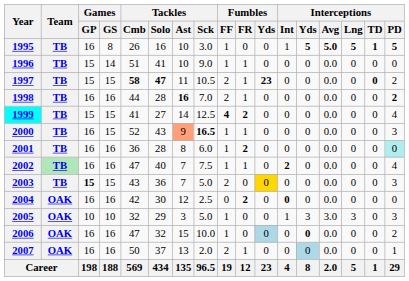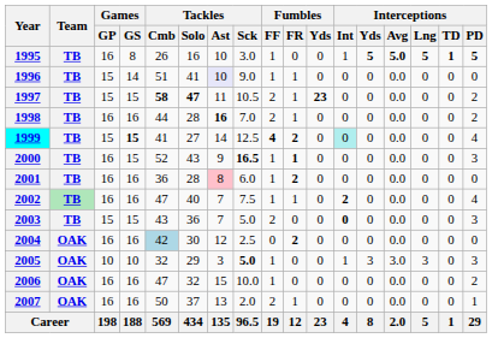 <table class="wikitable" style="text-align: center;">
 <tr>
 <th rowspan="2">Year</th>
 <th rowspan="2">Team</th>
 <th colspan="2">Games</th>
 <th colspan="4">Tackles</th>
 <th colspan="3">Fumbles</th>
 <th colspan="6">Interceptions</th>
 </tr>
 <tr>
 <th>GP</th>
 <th>GS</th>
 <th>Cmb</th>
 <th>Solo</th>
 <th>Ast</th>
 <th>Sck</th>
 <th>FF</th>
 <th>FR</th>
 <th>Yds</th>
 <th>Int</th>
 <th>Yds</th>
 <th>Avg</th>
 <th>Lng</th>
 <th>TD</th>
 <th>PD</th>
 </tr>
 <tr>
 <th><a href='#'>1995</a></th>
 <th><a href='#'>TB</a></th>
 <td>16</td>
 <td>8</td>
 <td>26</td>
 <td>16</td>
 <td>10</td>
 <td>3.0</td>
 <td>1</td>
 <td>0</td>
 <td>0</td>
 <td>1</td>
 <td><strong>5</strong></td>
 <td><strong>5.0</strong></td>
 <td><strong>5</strong></td>
 <td><strong>1</strong></td>
 <td><strong>5</strong></td>
 </tr>
 <tr>
 <th><a href='#'>1996</a></th>
 <th><a href='#'>TB</a></th>
 <td>15</td>
 <td>14</td>
 <td>51</td>
 <td>41</td>
-<td>10</td>
+<td style="background: lavender;">10</td>
 <td>9.0</td>
 <td>1</td>
 <td>1</td>
 <td>0</td>
 <td>0</td>
 <td>0</td>
 <td>0.0</td>
 <td>0</td>
 <td>0</td>
 <td>0</td>
 </tr>
 <tr>
 <th><a href='#'>1997</a></th>
 <th><a href='#'>TB</a></th>
 <td>15</td>
 <td>15</td>
 <td><strong>58</strong></td>
 <td><strong>47</strong></td>
 <td>11</td>
 <td>10.5</td>
 <td>2</td>
 <td>1</td>
 <td><strong>23</strong></td>
 <td>0</td>
 <td>0</td>
 <td>0.0</td>
 <td>0</td>
-<td><strong>0</strong></td>
+<td>0</td>
 <td>2</td>
 </tr>
 <tr>
 <th><a href='#'>1998</a></th>
 <th><a href='#'>TB</a></th>
 <td>16</td>
 <td>16</td>
 <td>44</td>
 <td>28</td>
 <td><strong>16</strong></td>
 <td>7.0</td>
 <td>2</td>
 <td>1</td>
 <td>0</td>
 <td>0</td>
 <td>0</td>
 <td>0.0</td>
 <td>0</td>
 <td>0</td>
-<td><strong>2</strong></td>
+<td>2</td>
 </tr>
 <tr>
 <th style="background:#00ffff; width:3em;"><a href='#'>1999</a></th>
 <th><a href='#'>TB</a></th>
 <td>15</td>
-<td>15</td>
+<td><strong>15</strong></td>
 <td>41</td>
 <td>27</td>
 <td>14</td>
 <td>12.5</td>
 <td><strong>4</strong></td>
 <td><strong>2</strong></td>
 <td>0</td>
-<td>0</td>
+<td style="background: paleturquoise;">0</td>
 <td>0</td>
 <td>0.0</td>
 <td>0</td>
 <td>0</td>
 <td>4</td>
 </tr>
 <tr>
 <th><a href='#'>2000</a></th>
 <th><a href='#'>TB</a></th>
 <td>16</td>
 <td>15</td>
 <td>52</td>
 <td>43</td>
-<td style="background: lightsalmon;">9</td>
+<td>9</td>
 <td><strong>16.5</strong></td>
 <td>1</td>
-<td>1</td>
+<td><strong>1</strong></td>
 <td>0</td>
 <td>0</td>
 <td>0</td>
 <td>0.0</td>
 <td>0</td>
 <td>0</td>
 <td>3</td>
 </tr>
 <tr>
 <th><a href='#'>2001</a></th>
 <th><a href='#'>TB</a></th>
 <td>16</td>
 <td>16</td>
 <td>36</td>
 <td>28</td>
-<td>8</td>
+<td style="background: pink;">8</td>
 <td>6.0</td>
 <td>1</td>
 <td><strong>2</strong></td>
 <td>0</td>
 <td>0</td>
 <td>0</td>
 <td>0.0</td>
 <td>0</td>
 <td>0</td>
-<td style="background: paleturquoise;">0</td>
+<td>0</td>
 </tr>
 <tr>
 <th><a href='#'>2002</a></th>
 <th style="background:#afe6ba; width:3em;"><a href='#'>TB</a></th>
 <td>16</td>
 <td>16</td>
 <td>47</td>
 <td>40</td>
 <td>7</td>
 <td>7.5</td>
 <td>1</td>
 <td>1</td>
 <td>0</td>
 <td><strong>2</strong></td>
 <td>0</td>
 <td>0.0</td>
 <td>0</td>
 <td>0</td>
 <td>4</td>
 </tr>
 <tr>
 <th><a href='#'>2003</a></th>
 <th><a href='#'>TB</a></th>
-<td><strong>15</strong></td>
+<td>15</td>
 <td>15</td>
 <td>43</td>
 <td>36</td>
 <td>7</td>
 <td>5.0</td>
 <td>2</td>
 <td>0</td>
-<td style="background: gold;">0</td>
 <td>0</td>
+<td><strong>0</strong></td>
 <td>0</td>
 <td>0.0</td>
 <td>0</td>
 <td>0</td>
 <td>3</td>
 </tr>
 <tr>
 <th><a href='#'>2004</a></th>
 <th><a href='#'>OAK</a></th>
 <td>16</td>
 <td>16</td>
-<td>42</td>
+<td style="background: lightblue;">42</td>
 <td>30</td>
 <td>12</td>
 <td>2.5</td>
 <td>0</td>
 <td><strong>2</strong></td>
 <td>0</td>
-<td><strong>0</strong></td>
+<td>0</td>
 <td>0</td>
 <td>0.0</td>
 <td>0</td>
 <td>0</td>
 <td>0</td>
 </tr>
 <tr>
 <th><a href='#'>2005</a></th>
 <th><a href='#'>OAK</a></th>
 <td>10</td>
 <td>10</td>
 <td>32</td>
 <td>29</td>
 <td>3</td>
-<td>5.0</td>
+<td><strong>5.0</strong></td>
 <td>1</td>
 <td>0</td>
 <td>0</td>
 <td>1</td>
 <td>3</td>
 <td>3.0</td>
 <td>3</td>
 <td>0</td>
 <td>3</td>
 </tr>
 <tr>
 <th><a href='#'>2006</a></th>
 <th><a href='#'>OAK</a></th>
 <td>16</td>
 <td>16</td>
 <td>47</td>
 <td>32</td>
 <td>15</td>
 <td>10.0</td>
 <td>1</td>
 <td>0</td>
-<td style="background: lightblue;">0</td>
 <td>0</td>
-<td><strong>0</strong></td>
+<td>0</td>
+<td>0</td>
 <td>0.0</td>
 <td>0</td>
 <td>0</td>
 <td>2</td>
 </tr>
 <tr>
 <th><a href='#'>2007</a></th>
 <th><a href='#'>OAK</a></th>
 <td>16</td>
 <td>16</td>
 <td>50</td>
 <td>37</td>
 <td>13</td>
 <td>2.0</td>
 <td>2</td>
 <td>1</td>
 <td>0</td>
 <td>0</td>
-<td style="background: lightblue;">0</td>
+<td>0</td>
 <td>0.0</td>
 <td>0</td>
 <td>0</td>
 <td>1</td>
 </tr>
 <tr>
 <th colspan="2">Career</th>
 <th>198</th>
 <th>188</th>
 <th>569</th>
 <th>434</th>
 <th>135</th>
 <th>96.5</th>
 <th>19</th>
 <th>12</th>
 <th>23</th>
 <th>4</th>
 <th>8</th>
 <th>2.0</th>
 <th>5</th>
 <th>1</th>
 <th>29</th>
 </tr>
 </table>
